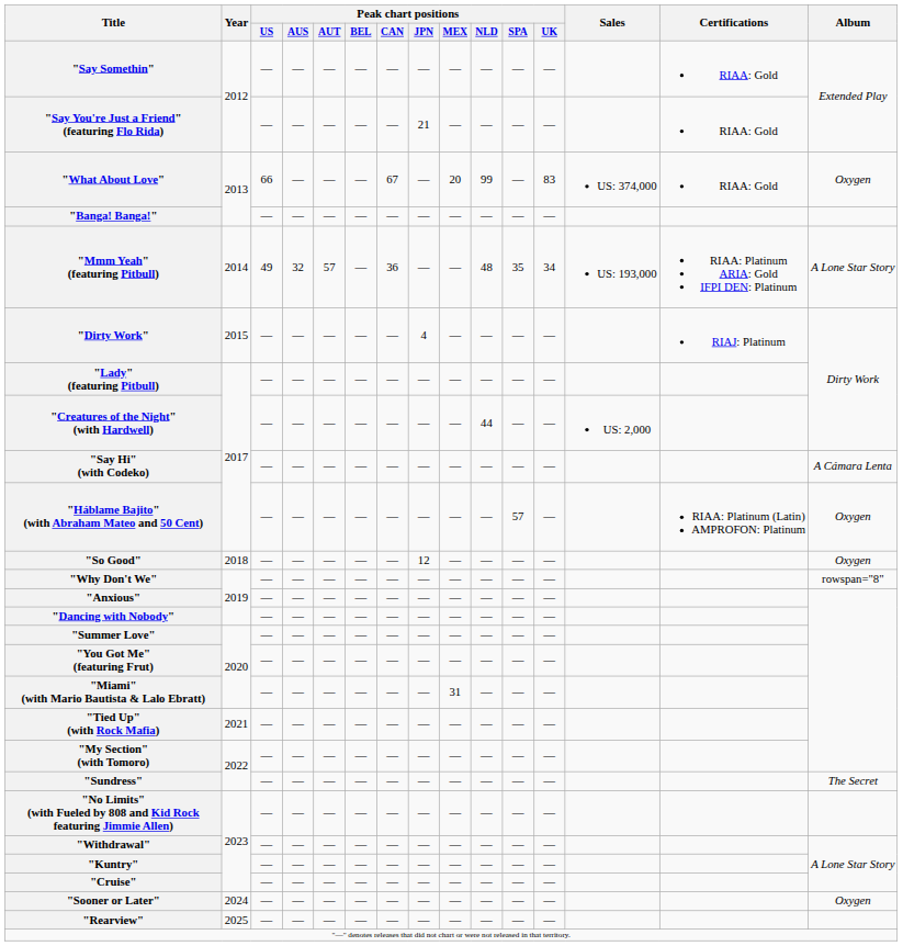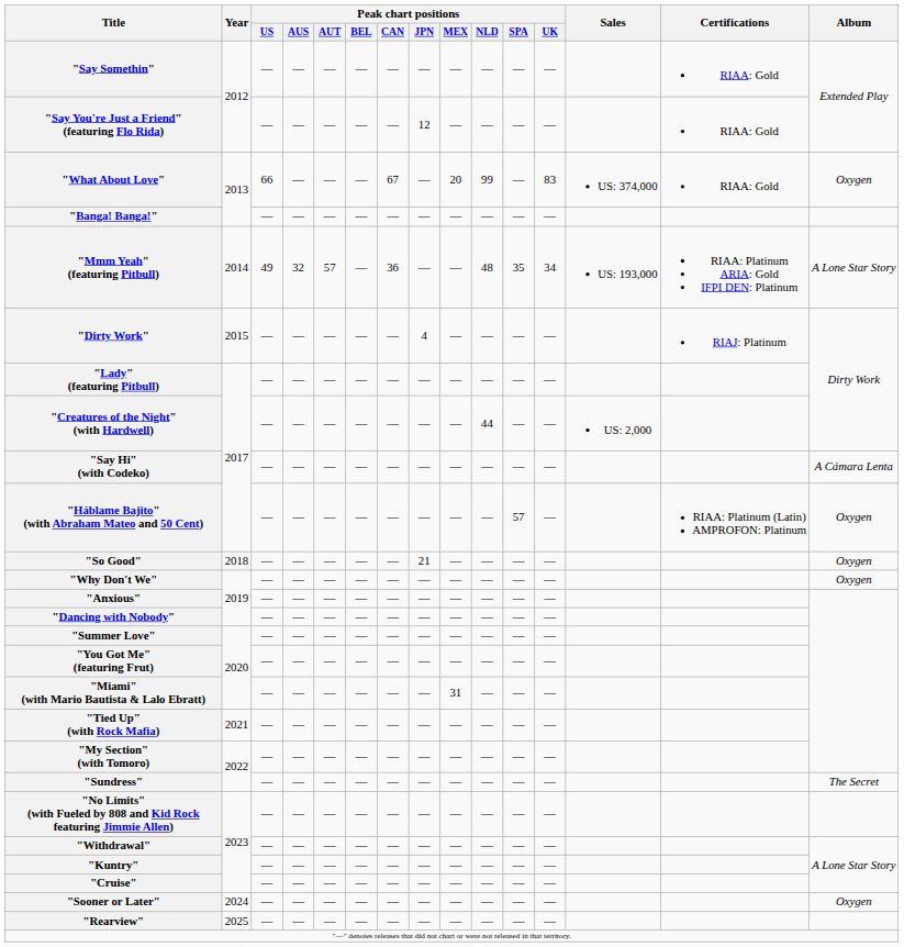 <table class="wikitable plainrowheaders" style="text-align:center;">
 <tr>
 <th scope="col" rowspan="2" style="width:18em;">Title</th>
 <th scope="col" rowspan="2">Year</th>
 <th scope="col" colspan="10">Peak chart positions</th>
 <th scope="col" rowspan="2">Sales</th>
 <th scope="col" rowspan="2">Certifications</th>
 <th scope="col" rowspan="2">Album</th>
 </tr>
 <tr>
 <th scope="col" style="width:2.5em;font-size:90%;"><a href='#'>US</a><br></th>
 <th scope="col" style="width:2.5em;font-size:90%;"><a href='#'>AUS</a><br></th>
 <th scope="col" style="width:2.5em;font-size:90%;"><a href='#'>AUT</a><br></th>
 <th scope="col" style="width:2.5em;font-size:90%;"><a href='#'>BEL</a><br></th>
 <th scope="col" style="width:2.5em;font-size:90%;"><a href='#'>CAN</a><br></th>
 <th scope="col" style="width:2.5em;font-size:90%;"><a href='#'>JPN</a><br></th>
 <th scope="col" style="width:2.5em;font-size:90%;"><a href='#'>MEX</a><br></th>
 <th scope="col" style="width:2.5em;font-size:90%;"><a href='#'>NLD</a><br></th>
 <th scope="col" style="width:2.5em;font-size:90%;"><a href='#'>SPA</a><br></th>
 <th scope="col" style="width:2.5em;font-size:90%;"><a href='#'>UK</a><br></th>
 </tr>
 <tr>
 <th scope="row">"<a href='#'>Say Somethin</a>"</th>
 <td rowspan="2">2012</td>
 <td>—</td>
 <td>—</td>
 <td>—</td>
 <td>—</td>
 <td>—</td>
 <td>—</td>
 <td>—</td>
 <td>—</td>
 <td>—</td>
 <td>—</td>
 <td></td>
 <td><br><ul><li><a href='#'>RIAA</a>: Gold</li></ul></td>
 <td rowspan="2"><em>Extended Play</em></td>
 </tr>
 <tr>
 <th scope="row">"<a href='#'>Say You're Just a Friend</a>"<br><span>(featuring <a href='#'>Flo Rida</a>)</span></th>
 <td>—</td>
 <td>—</td>
 <td>—</td>
 <td>—</td>
 <td>—</td>
-<td>21</td>
+<td>12</td>
 <td>—</td>
 <td>—</td>
 <td>—</td>
 <td>—</td>
 <td></td>
 <td><br><ul><li>RIAA: Gold</li></ul></td>
 </tr>
 <tr>
 <th scope="row">"<a href='#'>What About Love</a>"</th>
 <td rowspan="2">2013</td>
 <td>66</td>
 <td>—</td>
 <td>—</td>
 <td>—</td>
 <td>67</td>
 <td>—</td>
 <td>20</td>
 <td>99</td>
 <td>—</td>
 <td>83</td>
 <td><br><ul><li>US: 374,000</li></ul></td>
 <td><br><ul><li>RIAA: Gold</li></ul></td>
 <td><em>Oxygen</em></td>
 </tr>
 <tr>
 <th scope="row">"<a href='#'>Banga! Banga!</a>"</th>
 <td>—</td>
 <td>—</td>
 <td>—</td>
 <td>—</td>
 <td>—</td>
 <td>—</td>
 <td>—</td>
 <td>—</td>
 <td>—</td>
 <td>—</td>
 <td></td>
 <td></td>
 <td></td>
 </tr>
 <tr>
 <th scope="row">"<a href='#'>Mmm Yeah</a>"<br><span> (featuring <a href='#'>Pitbull</a>)</span></th>
 <td>2014</td>
 <td>49</td>
 <td>32</td>
 <td>57</td>
 <td>—</td>
 <td>36</td>
 <td>—</td>
 <td>—</td>
 <td>48</td>
 <td>35</td>
 <td>34</td>
 <td><br><ul><li>US: 193,000</li></ul></td>
 <td><br><ul><li>RIAA: Platinum</li><li><a href='#'>ARIA</a>: Gold</li><li><a href='#'>IFPI DEN</a>: Platinum</li></ul></td>
 <td><em>A Lone Star Story</em></td>
 </tr>
 <tr>
 <th scope="row">"<a href='#'>Dirty Work</a>"</th>
 <td>2015</td>
 <td>—</td>
 <td>—</td>
 <td>—</td>
 <td>—</td>
 <td>—</td>
 <td>4</td>
 <td>—</td>
 <td>—</td>
 <td>—</td>
 <td>—</td>
 <td></td>
 <td><br><ul><li><a href='#'>RIAJ</a>: Platinum</li></ul></td>
 <td rowspan="3"><em>Dirty Work</em></td>
 </tr>
 <tr>
 <th scope="row">"<a href='#'>Lady</a>"<br><span> (featuring <a href='#'>Pitbull</a>)</span></th>
 <td rowspan="4">2017</td>
 <td>—</td>
 <td>—</td>
 <td>—</td>
 <td>—</td>
 <td>—</td>
 <td>—</td>
 <td>—</td>
 <td>—</td>
 <td>—</td>
 <td>—</td>
 <td></td>
 <td></td>
 </tr>
 <tr>
 <th scope="row">"<a href='#'>Creatures of the Night</a>"<br><span>(with <a href='#'>Hardwell</a>)</span></th>
 <td>—</td>
 <td>—</td>
 <td>—</td>
 <td>—</td>
 <td>—</td>
 <td>—</td>
 <td>—</td>
 <td>44</td>
 <td>—</td>
 <td>—</td>
 <td><br><ul><li>US: 2,000</li></ul></td>
 <td></td>
 </tr>
 <tr>
 <th scope="row">"Say Hi"<br><span>(with Codeko)</span></th>
 <td>—</td>
 <td>—</td>
 <td>—</td>
 <td>—</td>
 <td>—</td>
 <td>—</td>
 <td>—</td>
 <td>—</td>
 <td>—</td>
 <td>—</td>
 <td></td>
 <td></td>
 <td><em>A Cámara Lenta</em></td>
 </tr>
 <tr>
 <th scope="row">"<a href='#'>Háblame Bajito</a>"<br><span>(with <a href='#'>Abraham Mateo</a> and <a href='#'>50 Cent</a>)</span></th>
 <td>—</td>
 <td>—</td>
 <td>—</td>
 <td>—</td>
 <td>—</td>
 <td>—</td>
 <td>—</td>
 <td>—</td>
 <td>57</td>
 <td>—</td>
 <td></td>
 <td><br><ul><li>RIAA: Platinum (Latin)</li><li>AMPROFON: Platinum</li></ul></td>
 <td><em>Oxygen</em></td>
 </tr>
 <tr>
 <th scope="row">"So Good"</th>
 <td>2018</td>
 <td>—</td>
 <td>—</td>
 <td>—</td>
 <td>—</td>
 <td>—</td>
-<td>12</td>
+<td>21</td>
 <td>—</td>
 <td>—</td>
 <td>—</td>
 <td>—</td>
 <td></td>
 <td></td>
 <td><em>Oxygen</em></td>
 </tr>
 <tr>
 <th scope="row">"Why Don't We"</th>
 <td rowspan="3">2019</td>
 <td>—</td>
 <td>—</td>
 <td>—</td>
 <td>—</td>
 <td>—</td>
 <td>—</td>
 <td>—</td>
 <td>—</td>
 <td>—</td>
 <td>—</td>
 <td></td>
 <td></td>
-<td>rowspan="8" </td>
+<td><em>Oxygen</em></td>
 </tr>
 <tr>
 <th scope="row">"Anxious"</th>
 <td>—</td>
 <td>—</td>
 <td>—</td>
 <td>—</td>
 <td>—</td>
 <td>—</td>
 <td>—</td>
 <td>—</td>
 <td>—</td>
 <td>—</td>
 <td></td>
 <td></td>
 </tr>
 <tr>
 <th scope="row">"<a href='#'>Dancing with Nobody</a>"</th>
 <td>—</td>
 <td>—</td>
 <td>—</td>
 <td>—</td>
 <td>—</td>
 <td>—</td>
 <td>—</td>
 <td>—</td>
 <td>—</td>
 <td>—</td>
 <td></td>
 <td></td>
 </tr>
 <tr>
 <th scope="row">"Summer Love"</th>
 <td rowspan="3">2020</td>
 <td>—</td>
 <td>—</td>
 <td>—</td>
 <td>—</td>
 <td>—</td>
 <td>—</td>
 <td>—</td>
 <td>—</td>
 <td>—</td>
 <td>—</td>
 <td></td>
 <td></td>
 </tr>
 <tr>
 <th scope="row">"You Got Me"<br><span>(featuring Frut)</span></th>
 <td>—</td>
 <td>—</td>
 <td>—</td>
 <td>—</td>
 <td>—</td>
 <td>—</td>
 <td>—</td>
 <td>—</td>
 <td>—</td>
 <td>—</td>
 <td></td>
 <td></td>
 </tr>
 <tr>
 <th scope="row">"Miami"<br><span>(with Mario Bautista & Lalo Ebratt)</span></th>
 <td>—</td>
 <td>—</td>
 <td>—</td>
 <td>—</td>
 <td>—</td>
 <td>—</td>
 <td>31</td>
 <td>—</td>
 <td>—</td>
 <td>—</td>
 <td></td>
 <td></td>
 </tr>
 <tr>
 <th scope="row">"Tied Up"<br><span>(with <a href='#'>Rock Mafia</a>)</span></th>
 <td>2021</td>
 <td>—</td>
 <td>—</td>
 <td>—</td>
 <td>—</td>
 <td>—</td>
 <td>—</td>
 <td>—</td>
 <td>—</td>
 <td>—</td>
 <td>—</td>
 <td></td>
 <td></td>
 </tr>
 <tr>
 <th scope="row">"My Section"<br><span>(with Tomoro)</span></th>
 <td rowspan="2'">2022</td>
 <td>—</td>
 <td>—</td>
 <td>—</td>
 <td>—</td>
 <td>—</td>
 <td>—</td>
 <td>—</td>
 <td>—</td>
 <td>—</td>
 <td>—</td>
 <td></td>
 <td></td>
 </tr>
 <tr>
 <th scope="row">"Sundress"</th>
 <td>—</td>
 <td>—</td>
 <td>—</td>
 <td>—</td>
 <td>—</td>
 <td>—</td>
 <td>—</td>
 <td>—</td>
 <td>—</td>
 <td>—</td>
 <td></td>
 <td></td>
 <td><em>The Secret</em></td>
 </tr>
 <tr>
 <th scope="row">"No Limits"<br><span>(with Fueled by 808 and <a href='#'>Kid Rock</a> featuring <a href='#'>Jimmie Allen</a>)</span></th>
 <td rowspan="4">2023</td>
 <td>—</td>
 <td>—</td>
 <td>—</td>
 <td>—</td>
 <td>—</td>
 <td>—</td>
 <td>—</td>
 <td>—</td>
 <td>—</td>
 <td>—</td>
 <td></td>
 <td></td>
 <td></td>
 </tr>
 <tr>
 <th scope="row">"Withdrawal"</th>
 <td>—</td>
 <td>—</td>
 <td>—</td>
 <td>—</td>
 <td>—</td>
 <td>—</td>
 <td>—</td>
 <td>—</td>
 <td>—</td>
 <td>—</td>
 <td></td>
 <td></td>
 <td rowspan="3"><em>A Lone Star Story</em></td>
 </tr>
 <tr>
 <th scope="row">"Kuntry"</th>
 <td>—</td>
 <td>—</td>
 <td>—</td>
 <td>—</td>
 <td>—</td>
 <td>—</td>
 <td>—</td>
 <td>—</td>
 <td>—</td>
 <td>—</td>
 <td></td>
 <td></td>
 </tr>
 <tr>
 <th scope="row">"Cruise"</th>
 <td>—</td>
 <td>—</td>
 <td>—</td>
 <td>—</td>
 <td>—</td>
 <td>—</td>
 <td>—</td>
 <td>—</td>
 <td>—</td>
 <td>—</td>
 <td></td>
 <td></td>
 </tr>
 <tr>
 <th scope="row">"Sooner or Later"</th>
 <td>2024</td>
 <td>—</td>
 <td>—</td>
 <td>—</td>
 <td>—</td>
 <td>—</td>
 <td>—</td>
 <td>—</td>
 <td>—</td>
 <td>—</td>
 <td>—</td>
 <td></td>
 <td></td>
 <td><em>Oxygen</em></td>
 </tr>
 <tr>
 <th scope="row">"Rearview"</th>
 <td>2025</td>
 <td>—</td>
 <td>—</td>
 <td>—</td>
 <td>—</td>
 <td>—</td>
 <td>—</td>
 <td>—</td>
 <td>—</td>
 <td>—</td>
 <td>—</td>
 <td></td>
 <td></td>
 </tr>
 <tr>
 <td colspan="15" style="font-size:8pt">"—" denotes releases that did not chart or were not released in that territory.</td>
 </tr>
 </table>
